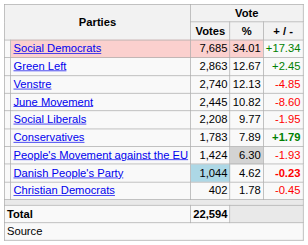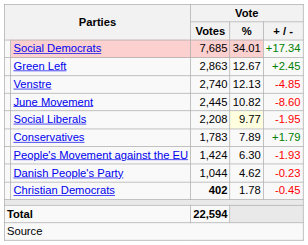 <table class="wikitable" style="text-align:right;">
 <tr>
 <th style="text-align:centre;" rowspan="2" colspan="2" width="225">Parties</th>
 <th colspan="3">Vote</th>
 </tr>
 <tr>
 <th width="15">Votes</th>
 <th width="15">%</th>
 <th width="15">+ / -</th>
 </tr>
 <tr>
 <td width="2" style="color:inherit;background:"></td>
 <td bgcolor=#fbd0ce   align="left"><a href='#'>Social Democrats</a></td>
 <td bgcolor=#fbd0ce>7,685</td>
 <td bgcolor=#fbd0ce>34.01</td>
 <td style=color:green;>+17.34</td>
 </tr>
 <tr>
 <td width="2" style="color:inherit;background:"></td>
 <td align="left"><a href='#'>Green Left</a></td>
 <td>2,863</td>
 <td>12.67</td>
 <td style=color:green;>+2.45</td>
 </tr>
 <tr>
 <td width="2" style="color:inherit;background:"></td>
 <td align="left"><a href='#'>Venstre</a></td>
 <td>2,740</td>
 <td>12.13</td>
 <td style=color:red;>-4.85</td>
 </tr>
 <tr>
 <td width="2" style="color:inherit;background:"></td>
 <td align="left"><a href='#'>June Movement</a></td>
 <td>2,445</td>
 <td>10.82</td>
 <td style=color:red;>-8.60</td>
 </tr>
 <tr>
 <td width="2" style="color:inherit;background:"></td>
 <td align="left"><a href='#'>Social Liberals</a></td>
 <td>2,208</td>
-<td>9.77</td>
+<td style="background: lightyellow;">9.77</td>
 <td style=color:red;>-1.95</td>
 </tr>
 <tr>
 <td width="2" style="color:inherit;background:"></td>
 <td align="left"><a href='#'>Conservatives</a></td>
 <td>1,783</td>
 <td>7.89</td>
-<td style=color:green;><strong>+1.79</strong></td>
+<td style=color:green;>+1.79</td>
 </tr>
 <tr>
 <td width="2" style="color:inherit;background:"></td>
 <td align="left"><a href='#'>People's Movement against the EU</a></td>
 <td>1,424</td>
-<td style="background: lightgrey;">6.30</td>
+<td>6.30</td>
 <td style=color:red;>-1.93</td>
 </tr>
 <tr>
 <td width="2" style="color:inherit;background:"></td>
 <td align="left"><a href='#'>Danish People's Party</a></td>
-<td style="background: lightblue;">1,044</td>
+<td>1,044</td>
 <td>4.62</td>
-<td style=color:red;><strong>-0.23</strong></td>
+<td style=color:red;>-0.23</td>
 </tr>
 <tr>
 <td width="2" style="color:inherit;background:"></td>
 <td align="left"><a href='#'>Christian Democrats</a></td>
-<td>402</td>
+<td><strong>402</strong></td>
 <td>1.78</td>
 <td style=color:red;>-0.45</td>
 </tr>
 <tr>
 <td colspan="7" bgcolor="#E9E9E9"></td>
 </tr>
 <tr>
 <td align="left" colspan="2"><strong>Total</strong></td>
 <td><strong>22,594</strong></td>
 <td bgcolor="#E9E9E9" colspan="2"></td>
 </tr>
 <tr>
 <td align="left" colspan="6">Source</td>
 </tr>
 </table>
